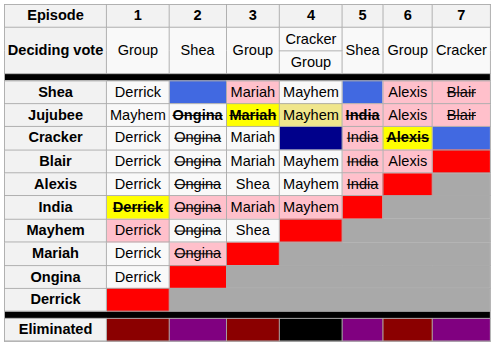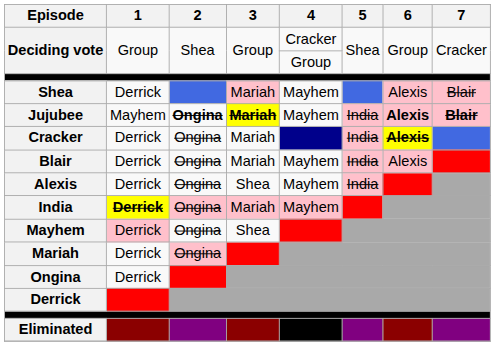 <table class="wikitable" style="text-align:center">
 <tr>
 <th scope="col">Episode</th>
 <th scope="col">1</th>
 <th scope="col">2</th>
 <th scope="col">3</th>
 <th scope="col">4</th>
 <th scope="col">5</th>
 <th scope="col">6</th>
 <th scope="col">7</th>
 </tr>
 <tr>
 <th scope="row" rowspan="2" nowrap>Deciding vote</th>
 <td rowspan="2">Group</td>
 <td rowspan="2">Shea</td>
 <td rowspan="2">Group</td>
 <td nowrap>Cracker</td>
 <td rowspan="2">Shea</td>
 <td rowspan="2">Group</td>
 <td rowspan="2" nowrap>Cracker</td>
 </tr>
 <tr>
 <td>Group</td>
 </tr>
 <tr>
 <td colspan="9" bgcolor="black"></td>
 </tr>
 <tr>
 <th scope="row">Shea</th>
 <td>Derrick</td>
 <td bgcolor="royalblue"></td>
 <td bgcolor="pink">Mariah</td>
 <td>Mayhem</td>
 <td bgcolor="royalblue"></td>
 <td bgcolor="pink">Alexis</td>
 <td bgcolor="pink"><s>Blair</s></td>
 </tr>
 <tr>
 <th scope="row">Jujubee</th>
 <td>Mayhem</td>
 <td><strong><s>Ongina</s></strong></td>
 <td bgcolor="yellow"><s><strong>Mariah</strong></s></td>
-<td style="background: khaki;">Mayhem</td>
-<td bgcolor="pink"><strong><s>India</s></strong></td>
-<td bgcolor="pink">Alexis</td>
-<td bgcolor="pink"><s>Blair</s></td>
+<td>Mayhem</td>
+<td bgcolor="pink"><s>India</s></td>
+<td bgcolor="pink"><strong>Alexis</strong></td>
+<td bgcolor="pink"><strong><s>Blair</s></strong></td>
 </tr>
 <tr>
 <th scope="row">Cracker</th>
 <td>Derrick</td>
 <td><s>Ongina</s></td>
 <td>Mariah</td>
 <td bgcolor="darkblue"></td>
 <td bgcolor="pink"><s>India</s></td>
 <td bgcolor="yellow"><s> <strong>Alexis</strong></s></td>
 <td bgcolor="royalblue"></td>
 </tr>
 <tr>
 <th scope="row">Blair</th>
 <td>Derrick</td>
 <td><s>Ongina</s></td>
 <td>Mariah</td>
 <td>Mayhem</td>
 <td bgcolor="pink"><s>India</s></td>
 <td bgcolor="pink">Alexis</td>
 <td bgcolor="red"></td>
 </tr>
 <tr>
 <th scope="row">Alexis</th>
 <td>Derrick</td>
 <td><s>Ongina</s></td>
 <td>Shea</td>
 <td>Mayhem</td>
 <td bgcolor="pink"><s>India</s></td>
 <td bgcolor="red"></td>
 <td bgcolor="darkgray"></td>
 </tr>
 <tr>
 <th scope="row">India</th>
 <td bgcolor="yellow"><s><strong>Derrick</strong></s></td>
 <td bgcolor="pink"><s>Ongina</s></td>
 <td bgcolor="pink">Mariah</td>
 <td bgcolor="pink">Mayhem</td>
 <td bgcolor="red"></td>
 <td colspan="2" bgcolor="darkgray"></td>
 </tr>
 <tr>
 <th scope="row">Mayhem</th>
 <td bgcolor="pink">Derrick</td>
 <td><s>Ongina</s></td>
 <td>Shea</td>
 <td bgcolor="red"></td>
 <td colspan="3" bgcolor="darkgray"></td>
 </tr>
 <tr>
 <th scope="row">Mariah</th>
 <td>Derrick</td>
 <td bgcolor="pink"><s>Ongina</s></td>
 <td bgcolor="red"></td>
 <td colspan="4" bgcolor="darkgray"></td>
 </tr>
 <tr>
 <th scope="row">Ongina</th>
 <td>Derrick</td>
 <td bgcolor="red"></td>
 <td colspan="5" bgcolor="darkgray"></td>
 </tr>
 <tr>
 <th scope="row">Derrick</th>
 <td bgcolor="red"></td>
 <td colspan="6" bgcolor="darkgray"></td>
 </tr>
 <tr>
 <td colspan="8" bgcolor="black"></td>
 </tr>
 <tr>
 <th scope="row">Eliminated</th>
 <td bgcolor="darkred"><strong></strong></td>
 <td bgcolor="purple"><strong></strong></td>
 <td bgcolor="darkred"><strong></strong></td>
 <td bgcolor="black"><strong></strong></td>
 <td bgcolor="purple"><strong></strong></td>
 <td bgcolor="darkred"><strong></strong></td>
 <td bgcolor="purple"><strong></strong></td>
 </tr>
 <tr>
 </tr>
 </table>
